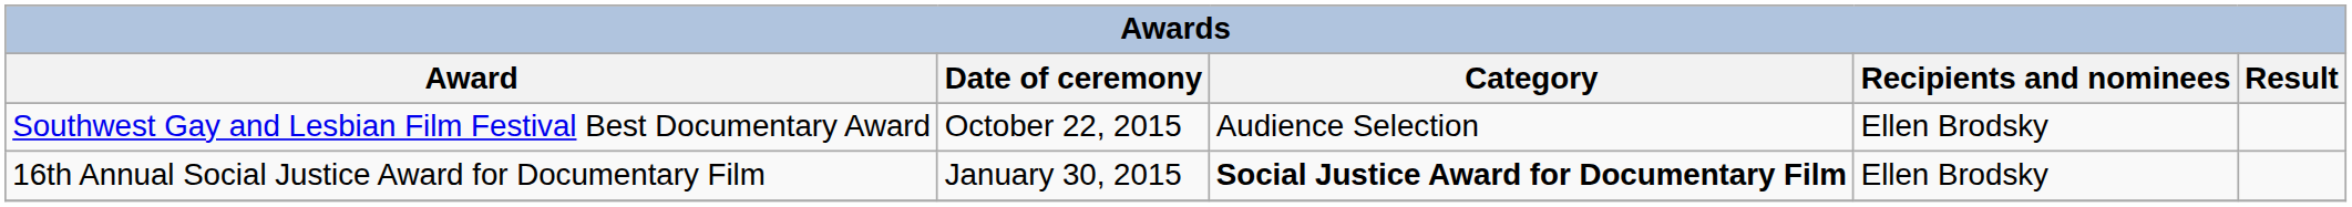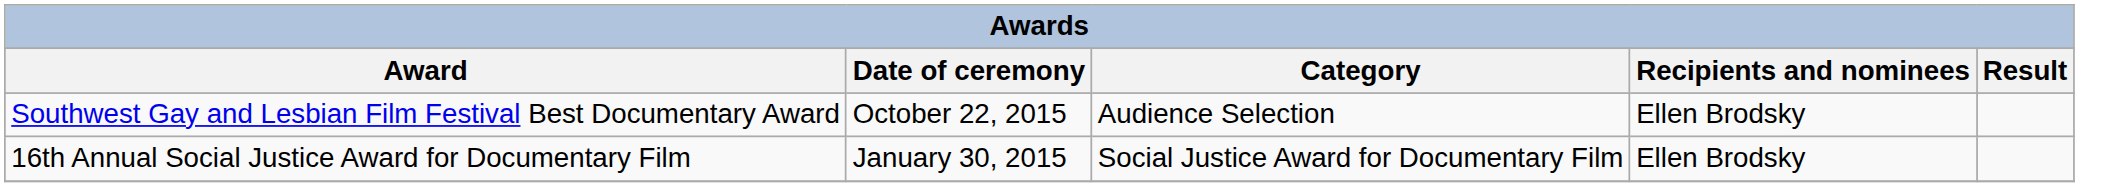 <table class="wikitable">
 <tr>
 <th colspan="5" style="background: LightSteelBlue;">Awards</th>
 </tr>
 <tr>
 <th>Award</th>
 <th>Date of ceremony</th>
 <th>Category</th>
 <th>Recipients and nominees</th>
 <th>Result</th>
 </tr>
 <tr>
 <td><a href='#'>Southwest Gay and Lesbian Film Festival</a> Best Documentary Award</td>
 <td>October 22, 2015</td>
 <td>Audience Selection</td>
 <td>Ellen Brodsky</td>
 <td></td>
 </tr>
 <tr>
 <td>16th Annual  Social Justice Award for Documentary Film</td>
 <td>January 30, 2015</td>
-<td><strong>Social Justice Award for Documentary Film</strong></td>
+<td>Social Justice Award for Documentary Film</td>
 <td>Ellen Brodsky</td>
 <td></td>
 </tr>
 <tr>
 </tr>
 </table>
